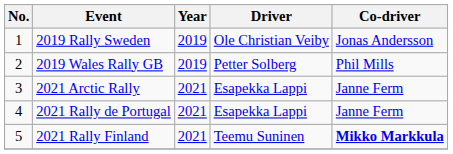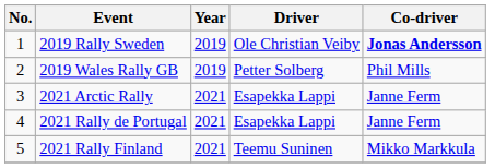 <table class="wikitable" style="font-size: 85%; ">
 <tr>
 <th>No.</th>
 <th>Event</th>
 <th>Year</th>
 <th>Driver</th>
 <th>Co-driver</th>
 </tr>
 <tr>
 <td align="center">1</td>
 <td> <a href='#'>2019 Rally Sweden</a></td>
 <td align="center"><a href='#'>2019</a></td>
 <td> <a href='#'>Ole Christian Veiby</a></td>
-<td> <a href='#'>Jonas Andersson</a></td>
+<td><strong> <a href='#'>Jonas Andersson</a></strong></td>
 </tr>
 <tr>
 <td align="center">2</td>
 <td> <a href='#'>2019 Wales Rally GB</a></td>
 <td align="center"><a href='#'>2019</a></td>
 <td> <a href='#'>Petter Solberg</a></td>
 <td> <a href='#'>Phil Mills</a></td>
 </tr>
 <tr>
 <td align="center">3</td>
 <td> <a href='#'>2021 Arctic Rally</a></td>
 <td align="center"><a href='#'>2021</a></td>
 <td> <a href='#'>Esapekka Lappi</a></td>
 <td> <a href='#'>Janne Ferm</a></td>
 </tr>
 <tr>
 <td align="center">4</td>
 <td> <a href='#'>2021 Rally de Portugal</a></td>
 <td align="center"><a href='#'>2021</a></td>
 <td> <a href='#'>Esapekka Lappi</a></td>
 <td> <a href='#'>Janne Ferm</a></td>
 </tr>
 <tr>
 <td align="center">5</td>
 <td> <a href='#'>2021 Rally Finland</a></td>
 <td align="center"><a href='#'>2021</a></td>
 <td> <a href='#'>Teemu Suninen</a></td>
-<td><strong> <a href='#'>Mikko Markkula</a></strong></td>
+<td> <a href='#'>Mikko Markkula</a></td>
 </tr>
 <tr>
 </tr>
 </table>
